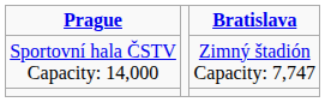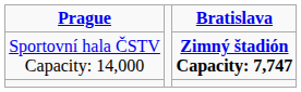 <table class="wikitable" style="text-align:center;">
 <tr>
 <td><strong><a href='#'>Prague</a></strong></td>
 <td rowspan="3"></td>
 <td><strong><a href='#'>Bratislava</a></strong></td>
 </tr>
 <tr>
 <td><a href='#'>Sportovní hala ČSTV</a><br>Capacity: 14,000</td>
-<td><a href='#'>Zimný štadión</a><br>Capacity: 7,747</td>
+<td><strong><a href='#'>Zimný štadión</a><br>Capacity: 7,747</strong></td>
 </tr>
 <tr>
 <td></td>
 <td></td>
 </tr>
 </table>
